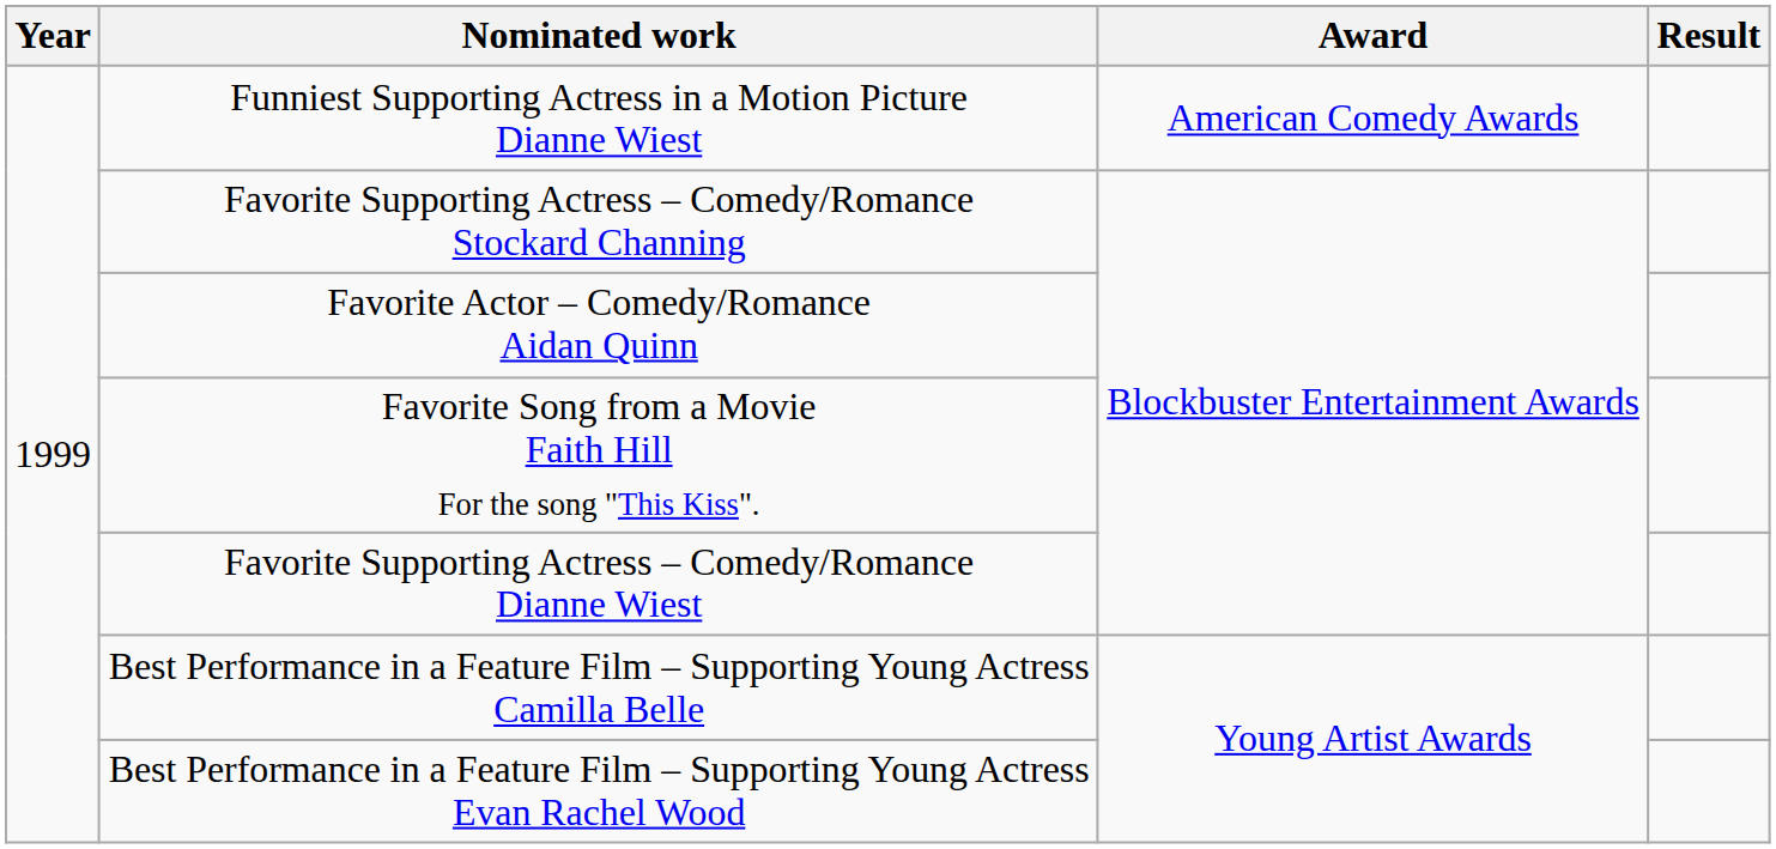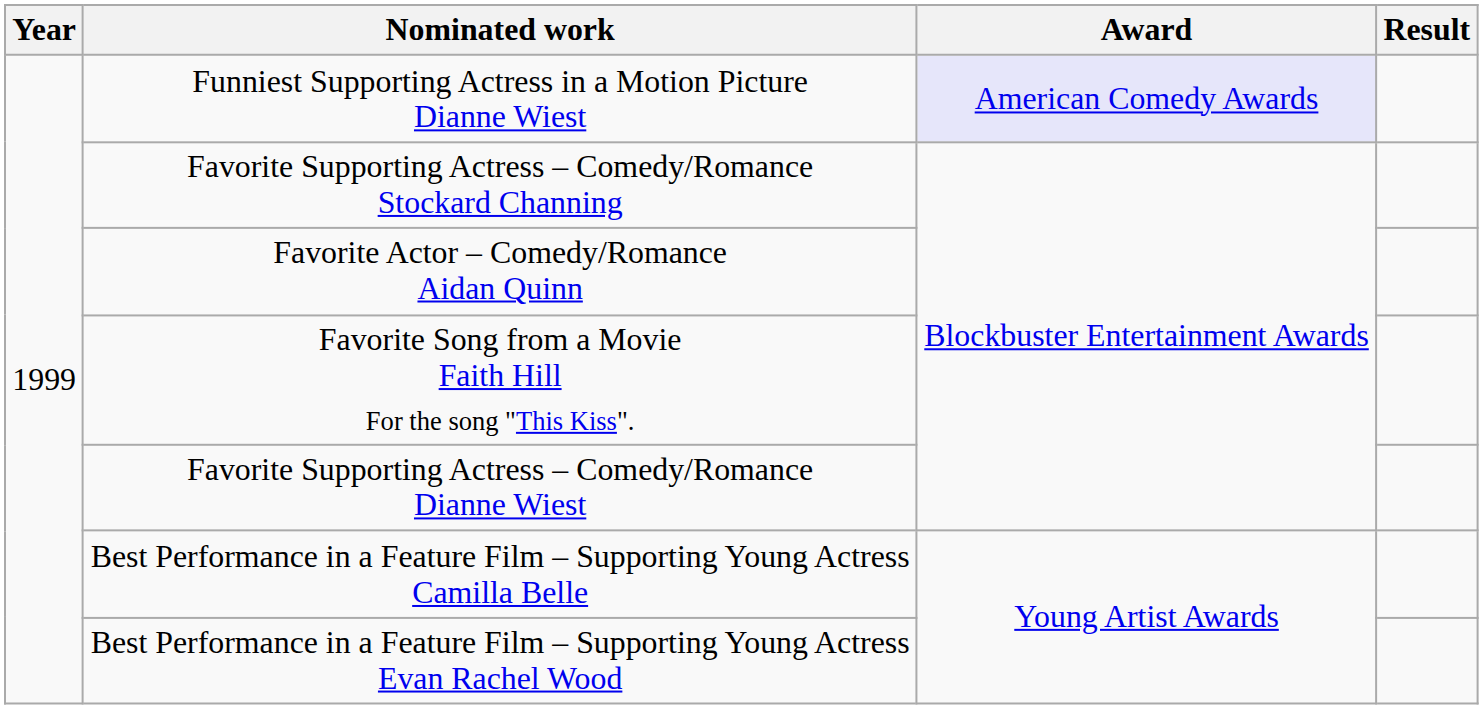 <table class="wikitable sortable" style="text-align:center;">
 <tr>
 <th>Year</th>
 <th>Nominated work</th>
 <th>Award</th>
 <th>Result</th>
 </tr>
 <tr>
 <td rowspan="7">1999</td>
 <td>Funniest Supporting Actress in a Motion Picture <br> <a href='#'>Dianne Wiest</a></td>
-<td><a href='#'>American Comedy Awards</a></td>
+<td style="background: lavender;"><a href='#'>American Comedy Awards</a></td>
 <td></td>
 </tr>
 <tr>
 <td>Favorite Supporting Actress – Comedy/Romance <br> <a href='#'>Stockard Channing</a></td>
 <td rowspan="4"><a href='#'>Blockbuster Entertainment Awards</a></td>
 <td></td>
 </tr>
 <tr>
 <td>Favorite Actor – Comedy/Romance <br> <a href='#'>Aidan Quinn</a></td>
 <td></td>
 </tr>
 <tr>
 <td>Favorite Song from a Movie <br> <a href='#'>Faith Hill</a> <br> <sub>For the song "<a href='#'>This Kiss</a>".</sub></td>
 <td></td>
 </tr>
 <tr>
 <td>Favorite Supporting Actress – Comedy/Romance <br><a href='#'>Dianne Wiest</a></td>
 <td></td>
 </tr>
 <tr>
 <td>Best Performance in a Feature Film – Supporting Young Actress <br> <a href='#'>Camilla Belle</a></td>
 <td rowspan="2"><a href='#'>Young Artist Awards</a></td>
 <td></td>
 </tr>
 <tr>
 <td>Best Performance in a Feature Film – Supporting Young Actress <br> <a href='#'>Evan Rachel Wood</a></td>
 <td></td>
 </tr>
 </table>
